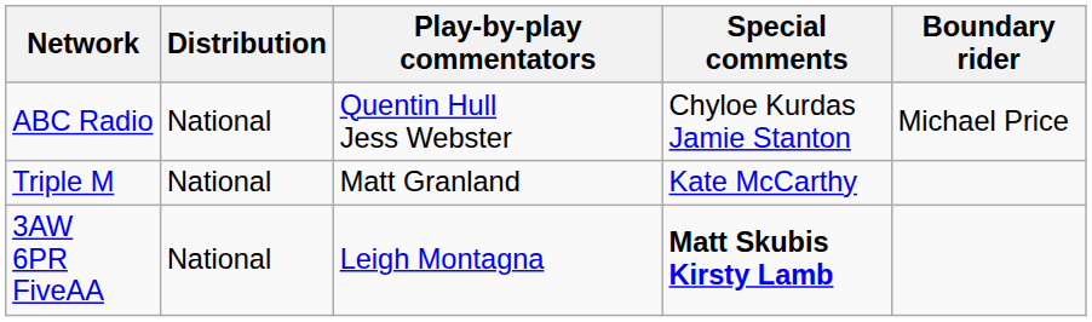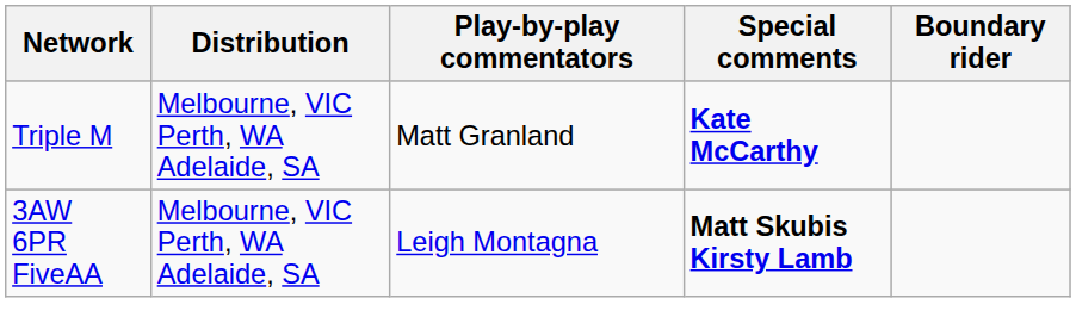 <table class="wikitable">
 <tr>
 <th>Network</th>
 <th>Distribution</th>
 <th>Play-by-play commentators</th>
 <th>Special comments</th>
 <th>Boundary rider</th>
 </tr>
 <tr>
-<td><a href='#'>ABC Radio</a></td>
-<td>National</td>
-<td><a href='#'>Quentin Hull</a><br>Jess Webster</td>
-<td>Chyloe Kurdas<br><a href='#'>Jamie Stanton</a></td>
-<td>Michael Price</td>
-</tr>
-<tr>
 <td><a href='#'>Triple M</a></td>
-<td>National</td>
+<td><a href='#'>Melbourne</a>, <a href='#'>VIC</a><br><a href='#'>Perth</a>, <a href='#'>WA</a> <a href='#'>Adelaide</a>, <a href='#'>SA</a></td>
 <td>Matt Granland</td>
-<td><a href='#'>Kate McCarthy</a></td>
+<td><strong><a href='#'>Kate McCarthy</a></strong></td>
 <td></td>
 </tr>
 <tr>
 <td><a href='#'>3AW</a><br><a href='#'>6PR</a> <a href='#'>FiveAA</a></td>
-<td>National</td>
+<td><a href='#'>Melbourne</a>, <a href='#'>VIC</a><br><a href='#'>Perth</a>, <a href='#'>WA</a> <a href='#'>Adelaide</a>, <a href='#'>SA</a></td>
 <td><a href='#'>Leigh Montagna</a></td>
 <td><strong>Matt Skubis<br><a href='#'>Kirsty Lamb</a></strong></td>
 <td></td>
 </tr>
 </table>
